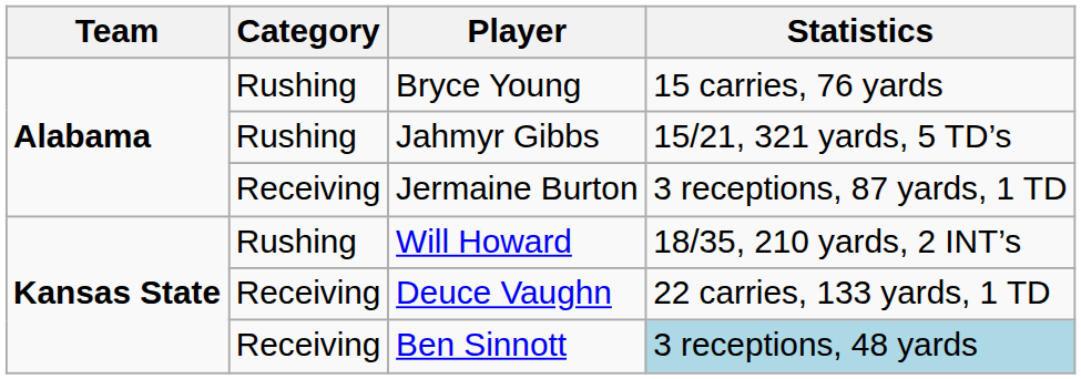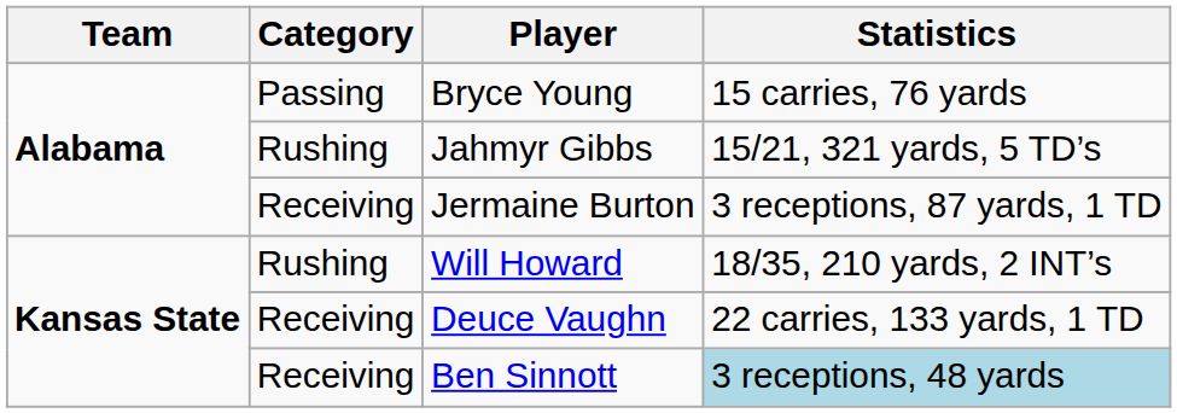 <table class="wikitable" style="float: right;">
 <tr>
 <th>Team</th>
 <th>Category</th>
 <th>Player</th>
 <th>Statistics</th>
 </tr>
 <tr>
 <td rowspan=3><strong>Alabama</strong></td>
-<td>Rushing</td>
+<td>Passing</td>
 <td>Bryce Young</td>
 <td>15 carries, 76 yards</td>
 </tr>
 <tr>
 <td>Rushing</td>
 <td>Jahmyr Gibbs</td>
 <td>15/21, 321 yards, 5 TD’s</td>
 </tr>
 <tr>
 <td>Receiving</td>
 <td>Jermaine Burton</td>
 <td>3 receptions, 87 yards, 1 TD</td>
 </tr>
 <tr>
 <td rowspan=3><strong>Kansas State</strong></td>
 <td>Rushing</td>
 <td><a href='#'>Will Howard</a></td>
 <td>18/35, 210 yards, 2 INT’s</td>
 </tr>
 <tr>
 <td>Receiving</td>
 <td><a href='#'>Deuce Vaughn</a></td>
 <td>22 carries, 133 yards, 1 TD</td>
 </tr>
 <tr>
 <td>Receiving</td>
 <td><a href='#'>Ben Sinnott</a></td>
 <td style="background: lightblue;">3 receptions, 48 yards</td>
 </tr>
 </table>
